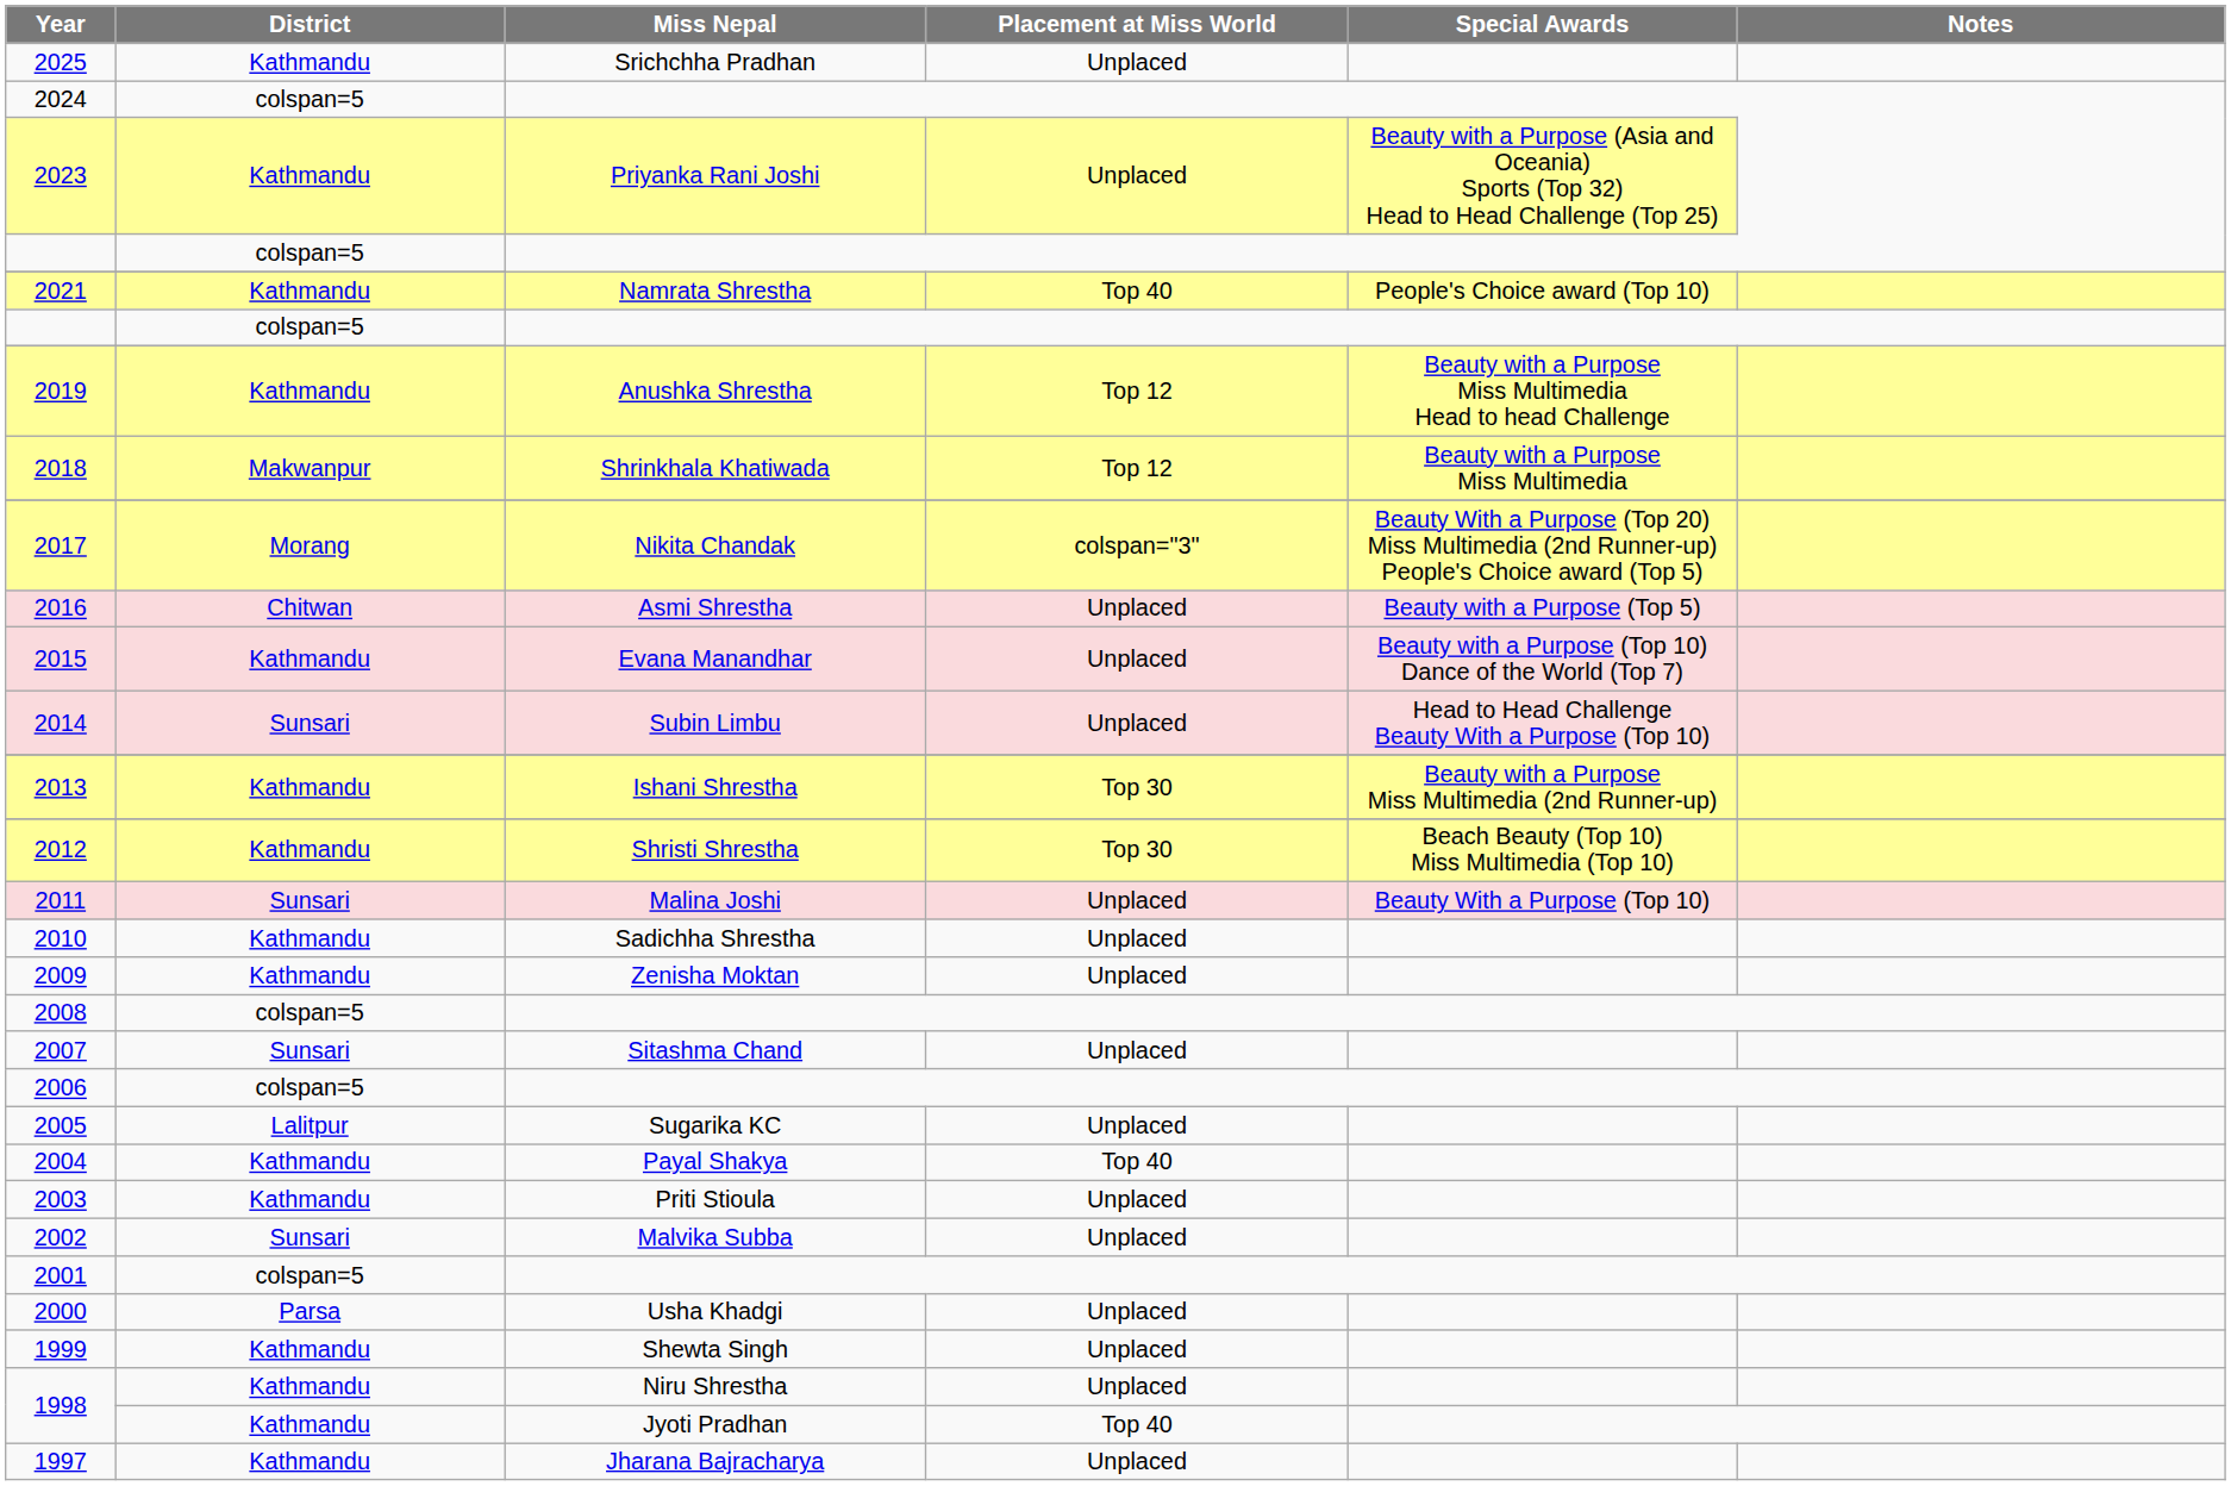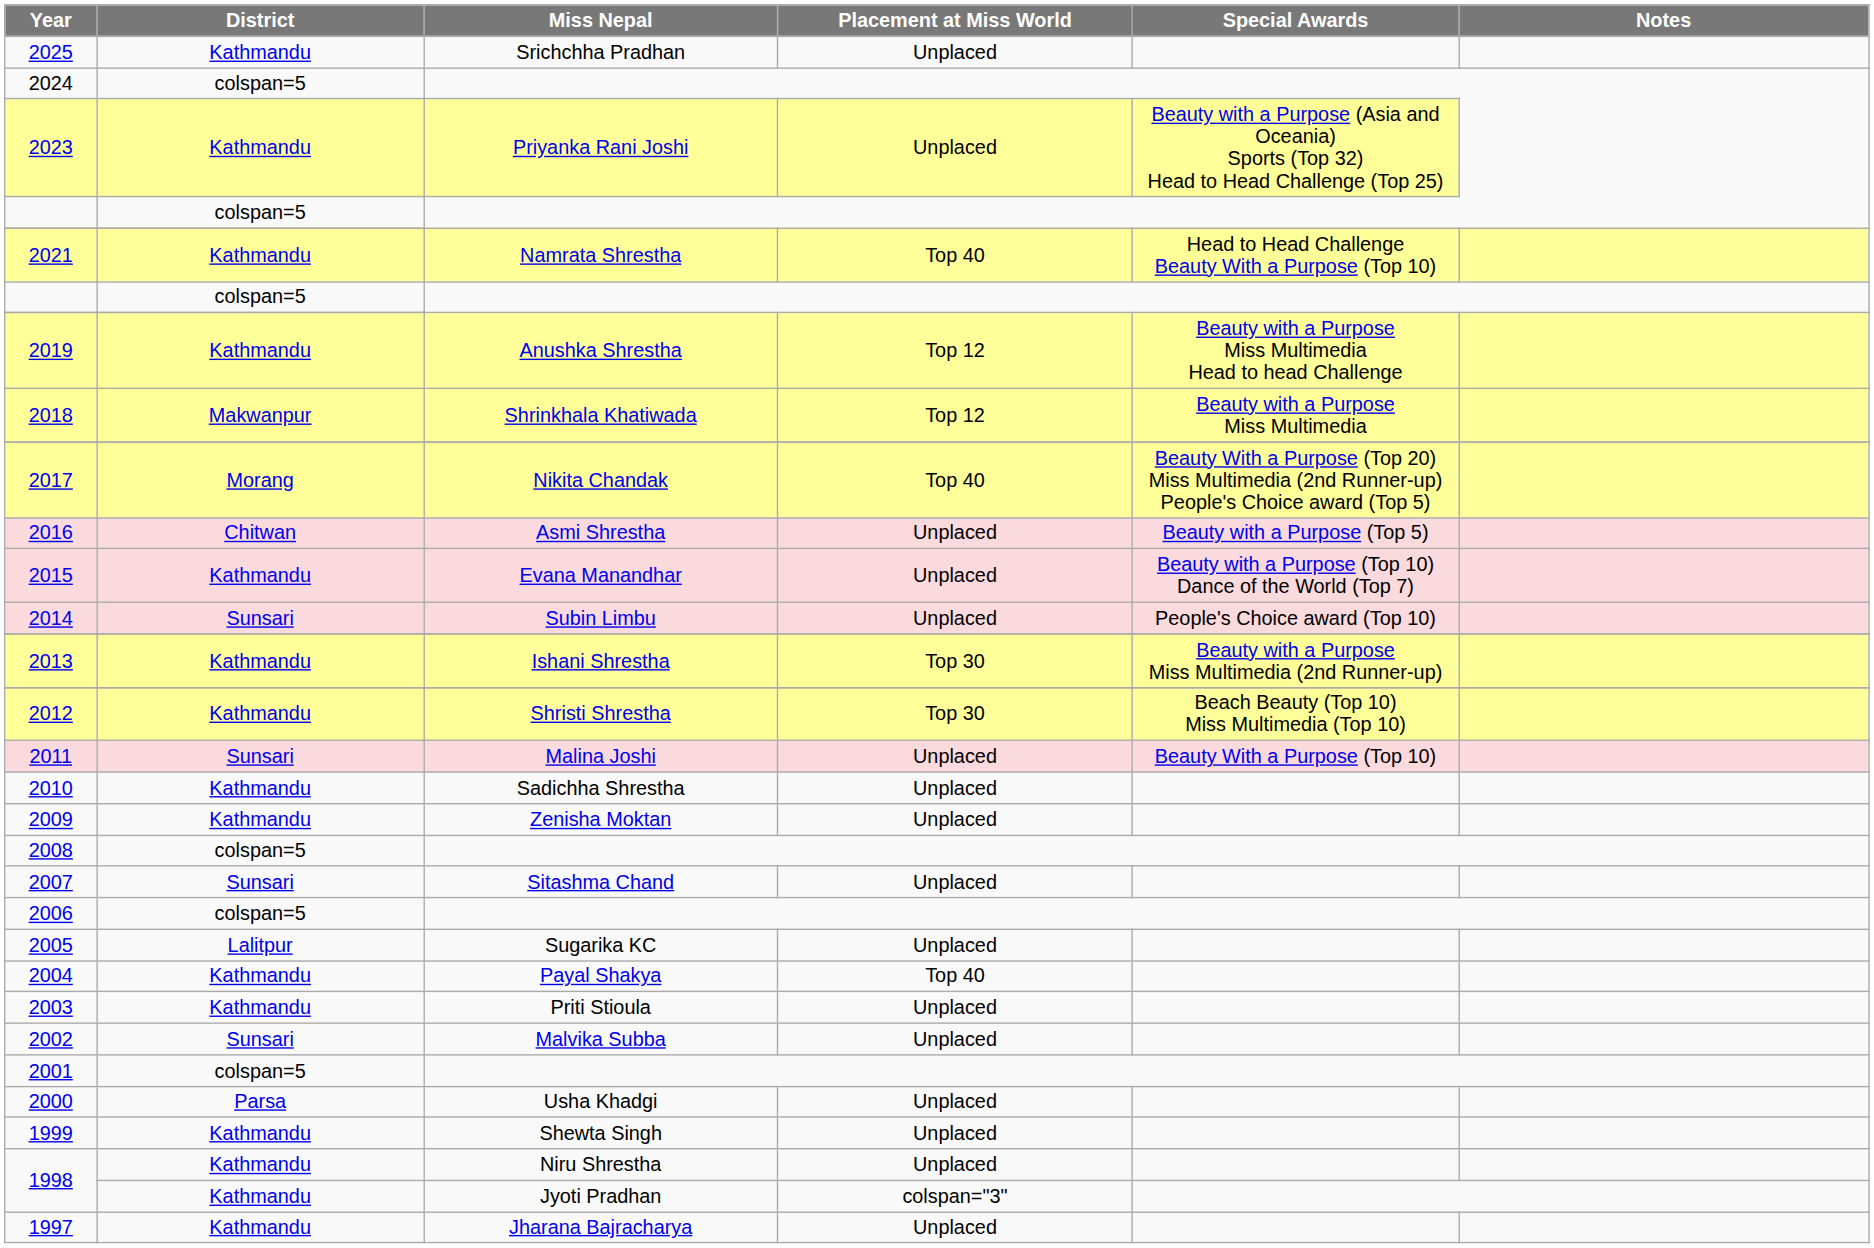 <table class="wikitable" style="font-size: 90%; text-align:center">
 <tr>
 <th width="60" style="background-color:#787878;color:#FFFFFF;">Year</th>
 <th width="230" style="background-color:#787878;color:#FFFFFF;">District</th>
 <th width="250" style="background-color:#787878;color:#FFFFFF;">Miss Nepal</th>
 <th width="250" style="background-color:#787878;color:#FFFFFF;">Placement at Miss World</th>
 <th width="230" style="background-color:#787878;color:#FFFFFF;">Special Awards</th>
 <th width="290" style="background-color:#787878;color:#FFFFFF;">Notes</th>
 </tr>
 <tr>
 <td><a href='#'>2025</a></td>
 <td><a href='#'>Kathmandu</a></td>
 <td>Srichchha Pradhan</td>
 <td>Unplaced</td>
 <td></td>
 <td></td>
 </tr>
 <tr>
 <td>2024</td>
 <td>colspan=5 </td>
 </tr>
 <tr style="background-color:#FFFF99; ">
 <td><a href='#'>2023</a></td>
 <td><a href='#'>Kathmandu</a></td>
 <td><a href='#'>Priyanka Rani Joshi</a></td>
 <td>Unplaced</td>
 <td><a href='#'>Beauty with a Purpose</a> (Asia and Oceania)  <br> Sports (Top 32) <br> Head to Head Challenge (Top 25)</td>
 </tr>
 <tr>
 <td><s></s></td>
 <td>colspan=5 </td>
 </tr>
 <tr>
 </tr>
 <tr style="background-color:#FFFF99; ">
 <td><a href='#'>2021</a></td>
 <td><a href='#'>Kathmandu</a></td>
 <td><a href='#'>Namrata Shrestha</a></td>
 <td>Top 40</td>
-<td>People's Choice award (Top 10)</td>
+<td>Head to Head Challenge <br> <a href='#'>Beauty With a Purpose</a> (Top 10)</td>
 <td></td>
 </tr>
 <tr>
 <td><s></s></td>
 <td>colspan=5 </td>
 </tr>
 <tr>
 </tr>
 <tr style="background-color:#FFFF99;">
 <td><a href='#'>2019</a></td>
 <td><a href='#'>Kathmandu</a></td>
 <td><a href='#'>Anushka Shrestha</a></td>
 <td>Top 12</td>
 <td><a href='#'>Beauty with a Purpose</a> <br> Miss Multimedia  <br> Head to head Challenge</td>
 <td></td>
 </tr>
 <tr style="background-color:#FFFF99; ">
 <td><a href='#'>2018</a></td>
 <td><a href='#'>Makwanpur</a></td>
 <td><a href='#'>Shrinkhala Khatiwada</a></td>
 <td>Top 12</td>
 <td><a href='#'>Beauty with a Purpose</a> <br> Miss Multimedia</td>
 <td></td>
 </tr>
 <tr>
 </tr>
 <tr style="background-color:#FFFF99; ">
 <td><a href='#'>2017</a></td>
 <td><a href='#'>Morang</a></td>
 <td><a href='#'>Nikita Chandak</a></td>
-<td>colspan="3" </td>
+<td>Top 40</td>
 <td><a href='#'>Beauty With a Purpose</a> (Top 20) <br> Miss Multimedia (2nd Runner-up) <br> People's Choice award (Top 5)</td>
 <td></td>
 </tr>
 <tr style="background-color:#FADADD; ">
 <td><a href='#'>2016</a></td>
 <td><a href='#'>Chitwan</a></td>
 <td><a href='#'>Asmi Shrestha</a></td>
 <td>Unplaced</td>
 <td><a href='#'>Beauty with a Purpose</a> (Top 5)</td>
 <td></td>
 </tr>
 <tr style="background-color:#FADADD; ">
 <td><a href='#'>2015</a></td>
 <td><a href='#'>Kathmandu</a></td>
 <td><a href='#'>Evana Manandhar</a></td>
 <td>Unplaced</td>
 <td><a href='#'>Beauty with a Purpose</a> (Top 10) <br> Dance of the World (Top 7)</td>
 <td></td>
 </tr>
 <tr style="background-color:#FADADD; ">
 <td><a href='#'>2014</a></td>
 <td><a href='#'>Sunsari</a></td>
 <td><a href='#'>Subin Limbu</a></td>
 <td>Unplaced</td>
-<td>Head to Head Challenge <br> <a href='#'>Beauty With a Purpose</a> (Top 10)</td>
+<td>People's Choice award (Top 10)</td>
 <td></td>
 </tr>
 <tr>
 </tr>
 <tr style="background-color:#FFFF99; ">
 <td><a href='#'>2013</a></td>
 <td><a href='#'>Kathmandu</a></td>
 <td><a href='#'>Ishani Shrestha</a></td>
 <td>Top 30</td>
 <td><a href='#'>Beauty with a Purpose</a> <br> Miss Multimedia (2nd Runner-up)</td>
 <td></td>
 </tr>
 <tr>
 </tr>
 <tr style="background-color:#FFFF99; ">
 <td><a href='#'>2012</a></td>
 <td><a href='#'>Kathmandu</a></td>
 <td><a href='#'>Shristi Shrestha</a></td>
 <td>Top 30</td>
 <td>Beach Beauty (Top 10) <br> Miss Multimedia (Top 10)</td>
 <td></td>
 </tr>
 <tr style="background-color:#FADADD; ">
 <td><a href='#'>2011</a></td>
 <td><a href='#'>Sunsari</a></td>
 <td><a href='#'>Malina Joshi</a></td>
 <td>Unplaced</td>
 <td><a href='#'>Beauty With a Purpose</a> (Top 10)</td>
 <td></td>
 </tr>
 <tr>
 <td><a href='#'>2010</a></td>
 <td><a href='#'>Kathmandu</a></td>
 <td>Sadichha Shrestha</td>
 <td>Unplaced</td>
 <td></td>
 <td></td>
 </tr>
 <tr>
 <td><a href='#'>2009</a></td>
 <td><a href='#'>Kathmandu</a></td>
 <td><a href='#'>Zenisha Moktan</a></td>
 <td>Unplaced</td>
 <td></td>
 <td></td>
 </tr>
 <tr>
 <td><a href='#'>2008</a></td>
 <td>colspan=5 </td>
 </tr>
 <tr>
 <td><a href='#'>2007</a></td>
 <td><a href='#'>Sunsari</a></td>
 <td><a href='#'>Sitashma Chand</a></td>
 <td>Unplaced</td>
 <td></td>
 <td></td>
 </tr>
 <tr>
 <td><a href='#'>2006</a></td>
 <td>colspan=5 </td>
 </tr>
 <tr>
 <td><a href='#'>2005</a></td>
 <td><a href='#'>Lalitpur</a></td>
 <td>Sugarika KC</td>
 <td>Unplaced</td>
 <td></td>
 <td></td>
 </tr>
 <tr>
 <td><a href='#'>2004</a></td>
 <td><a href='#'>Kathmandu</a></td>
 <td><a href='#'>Payal Shakya</a></td>
 <td>Top 40</td>
 <td></td>
 <td></td>
 </tr>
 <tr>
 <td><a href='#'>2003</a></td>
 <td><a href='#'>Kathmandu</a></td>
 <td>Priti Stioula</td>
 <td>Unplaced</td>
 <td></td>
 <td></td>
 </tr>
 <tr>
 <td><a href='#'>2002</a></td>
 <td><a href='#'>Sunsari</a></td>
 <td><a href='#'>Malvika Subba</a></td>
 <td>Unplaced</td>
 <td></td>
 <td></td>
 </tr>
 <tr>
 <td><a href='#'>2001</a></td>
 <td>colspan=5 </td>
 </tr>
 <tr>
 <td><a href='#'>2000</a></td>
 <td><a href='#'>Parsa</a></td>
 <td>Usha Khadgi</td>
 <td>Unplaced</td>
 <td></td>
 <td></td>
 </tr>
 <tr>
 <td><a href='#'>1999</a></td>
 <td><a href='#'>Kathmandu</a></td>
 <td>Shewta Singh</td>
 <td>Unplaced</td>
 <td></td>
 <td></td>
 </tr>
 <tr>
 <td rowspan="2"><a href='#'>1998</a></td>
 <td><a href='#'>Kathmandu</a></td>
 <td>Niru Shrestha</td>
 <td>Unplaced</td>
 <td></td>
 <td></td>
 </tr>
 <tr>
 <td><a href='#'>Kathmandu</a></td>
 <td>Jyoti Pradhan</td>
-<td>Top 40</td>
+<td>colspan="3" </td>
 </tr>
 <tr>
 <td><a href='#'>1997</a></td>
 <td><a href='#'>Kathmandu</a></td>
 <td><a href='#'>Jharana Bajracharya</a></td>
 <td>Unplaced</td>
 <td></td>
 <td></td>
 </tr>
 </table>
